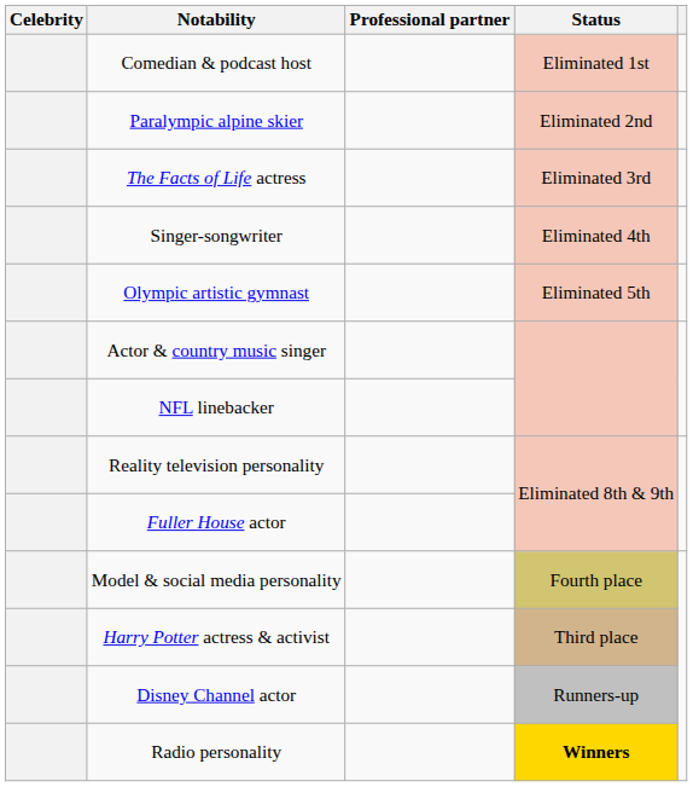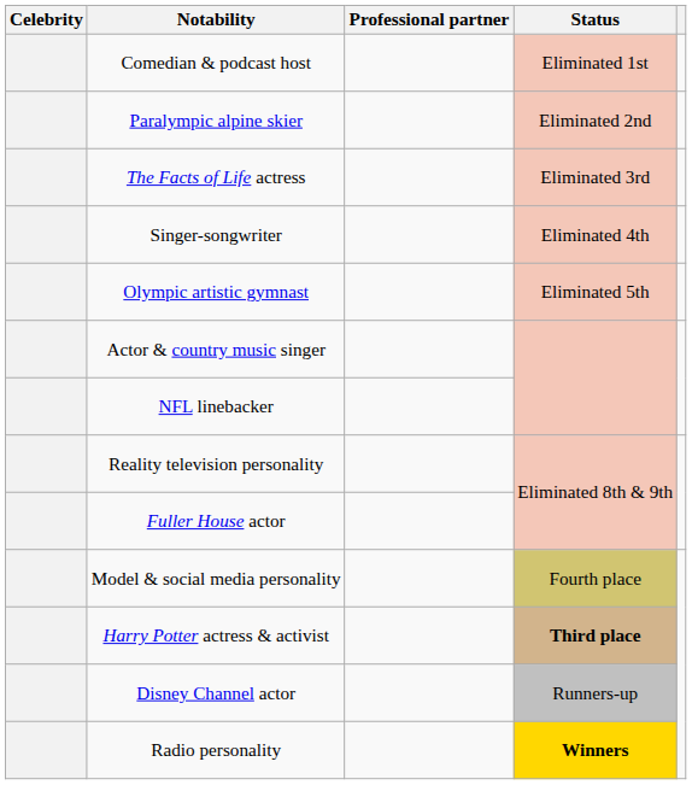 <table class="wikitable sortable" style="text-align:center;">
 <tr>
 <th scope="col">Celebrity</th>
 <th scope="col" class="unsortable">Notability</th>
 <th scope="col">Professional partner</th>
 <th scope="col">Status</th>
 <th scope="col" class="unsortable"></th>
 </tr>
 <tr style="height:50px">
 <th scope="row"></th>
 <td>Comedian & podcast host</td>
 <td></td>
 <td style="background:#f4c7b8">Eliminated 1st<br></td>
 <td></td>
 </tr>
 <tr style="height:50px">
 <th scope="row"></th>
 <td><a href='#'>Paralympic alpine skier</a></td>
 <td></td>
 <td style="background:#f4c7b8">Eliminated 2nd<br></td>
 <td></td>
 </tr>
 <tr style="height:50px">
 <th scope="row"></th>
 <td><em><a href='#'>The Facts of Life</a></em> actress</td>
 <td></td>
 <td style="background:#f4c7b8">Eliminated 3rd<br></td>
 <td></td>
 </tr>
 <tr style="height:50px">
 <th scope="row"></th>
 <td>Singer-songwriter</td>
 <td></td>
 <td style="background:#f4c7b8">Eliminated 4th<br></td>
 <td></td>
 </tr>
 <tr style="height:50px">
 <th scope="row"></th>
 <td><a href='#'>Olympic artistic gymnast</a></td>
 <td></td>
 <td style="background:#f4c7b8">Eliminated 5th<br></td>
 <td></td>
 </tr>
 <tr style="height:50px">
 <th scope="row"></th>
 <td>Actor & <a href='#'>country music</a> singer</td>
 <td></td>
 <td style="background:#f4c7b8" rowspan="2"><br></td>
 <td rowspan="2"></td>
 </tr>
 <tr style="height:50px">
 <th scope="row"></th>
 <td><a href='#'>NFL</a> linebacker</td>
 <td></td>
 </tr>
 <tr style="height:50px">
 <th scope="row"></th>
 <td>Reality television personality</td>
 <td></td>
 <td style="background:#f4c7b8" rowspan="2">Eliminated 8th & 9th<br></td>
 <td rowspan="2"></td>
 </tr>
 <tr style="height:50px">
 <th scope="row"></th>
 <td><em><a href='#'>Fuller House</a></em> actor</td>
 <td></td>
 </tr>
 <tr style="height:50px">
 <th scope="row"></th>
 <td>Model & social media personality</td>
 <td></td>
 <td style="background:#d1c571">Fourth place<br></td>
 <td rowspan="4"></td>
 </tr>
 <tr style="height:50px">
 <th scope="row"></th>
 <td><em><a href='#'>Harry Potter</a></em> actress & activist</td>
 <td></td>
-<td style="background:tan;">Third place<br></td>
+<td style="background:tan;"><strong>Third place<br></strong></td>
 </tr>
 <tr style="height:50px">
 <th scope="row"></th>
 <td><a href='#'>Disney Channel</a> actor</td>
 <td></td>
 <td style="background:silver;">Runners-up<br></td>
 </tr>
 <tr style="height:50px">
 <th scope="row"></th>
 <td>Radio personality</td>
 <td></td>
 <td style="background:gold;"><strong>Winners</strong><br></td>
 </tr>
 </table>
